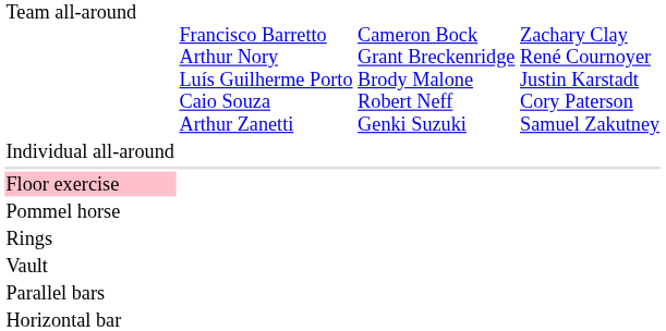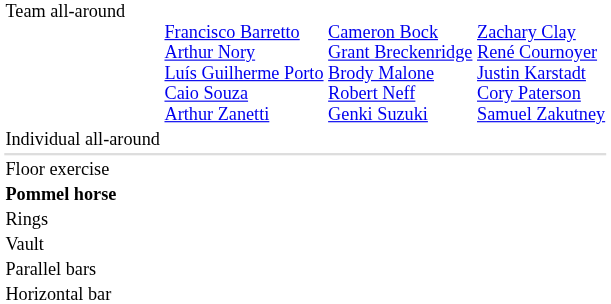 <table>
 <tr valign="top">
 <td>Team all-around<br></td>
 <td><br><a href='#'>Francisco Barretto</a><br><a href='#'>Arthur Nory</a><br><a href='#'>Luís Guilherme Porto</a><br><a href='#'>Caio Souza</a><br><a href='#'>Arthur Zanetti</a></td>
 <td><br><a href='#'>Cameron Bock</a><br><a href='#'>Grant Breckenridge</a><br><a href='#'>Brody Malone</a><br><a href='#'>Robert Neff</a><br><a href='#'>Genki Suzuki</a></td>
 <td><br><a href='#'>Zachary Clay</a><br><a href='#'>René Cournoyer</a><br><a href='#'>Justin Karstadt</a><br><a href='#'>Cory Paterson</a><br><a href='#'>Samuel Zakutney</a></td>
 </tr>
 <tr>
 <td>Individual all-around<br></td>
 <td></td>
 <td></td>
 <td></td>
 </tr>
 <tr bgcolor=#DDDDDD>
 <td colspan=7></td>
 </tr>
 <tr>
-<td style="background: pink;">Floor exercise<br></td>
+<td>Floor exercise<br></td>
 <td></td>
 <td></td>
 <td></td>
 </tr>
 <tr>
-<td>Pommel horse<br></td>
+<td><strong>Pommel horse<br></strong></td>
 <td></td>
 <td></td>
 <td></td>
 </tr>
 <tr>
 <td>Rings<br></td>
 <td></td>
 <td></td>
 <td></td>
 </tr>
 <tr>
 <td>Vault<br></td>
 <td></td>
 <td></td>
 <td></td>
 </tr>
 <tr>
 <td>Parallel bars<br></td>
 <td></td>
 <td></td>
 <td></td>
 </tr>
 <tr>
 <td>Horizontal bar<br></td>
 <td></td>
 <td></td>
 <td></td>
 </tr>
 </table>
